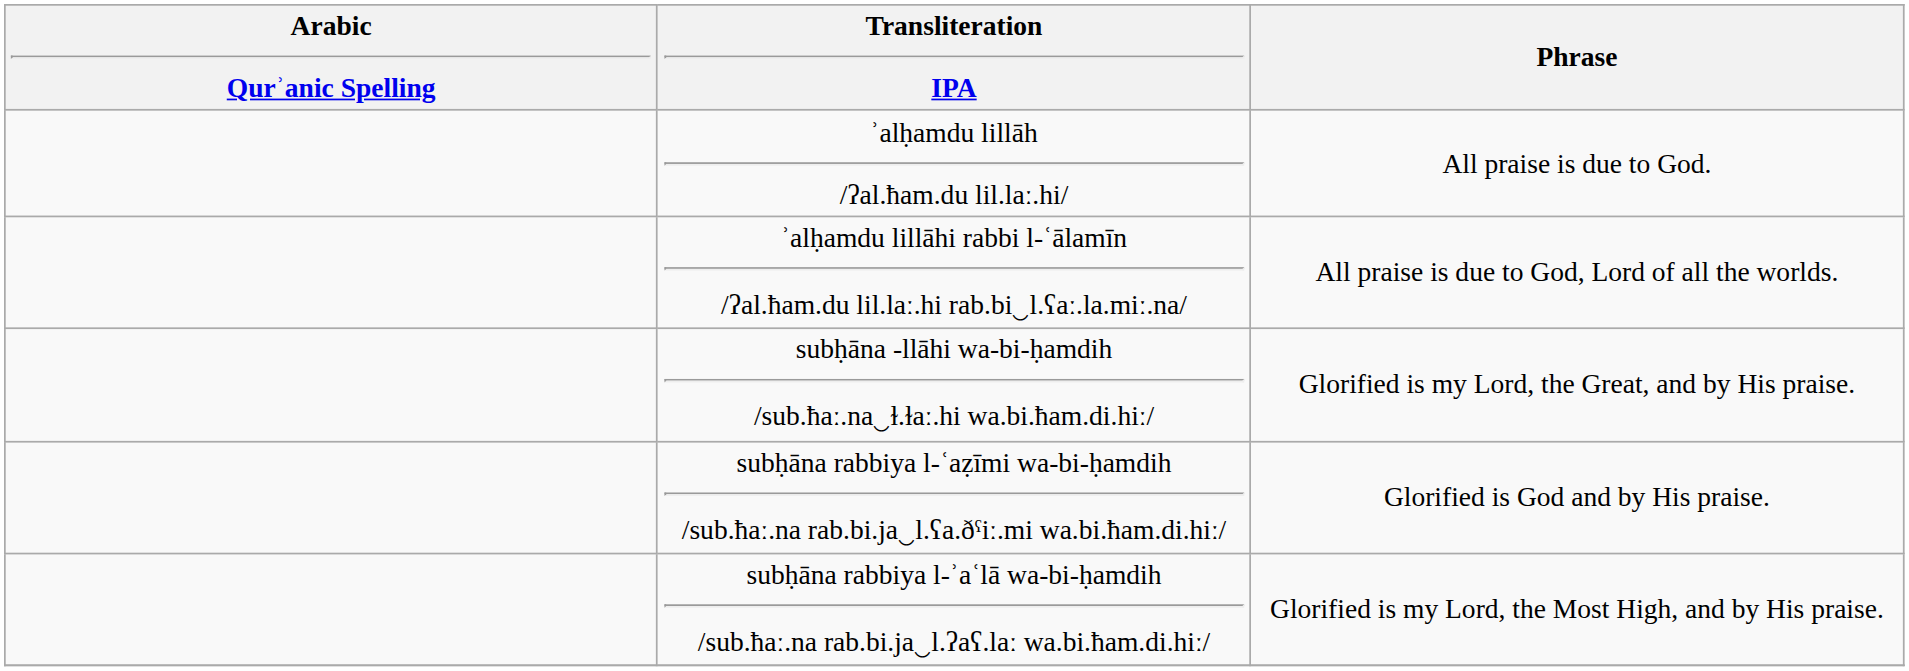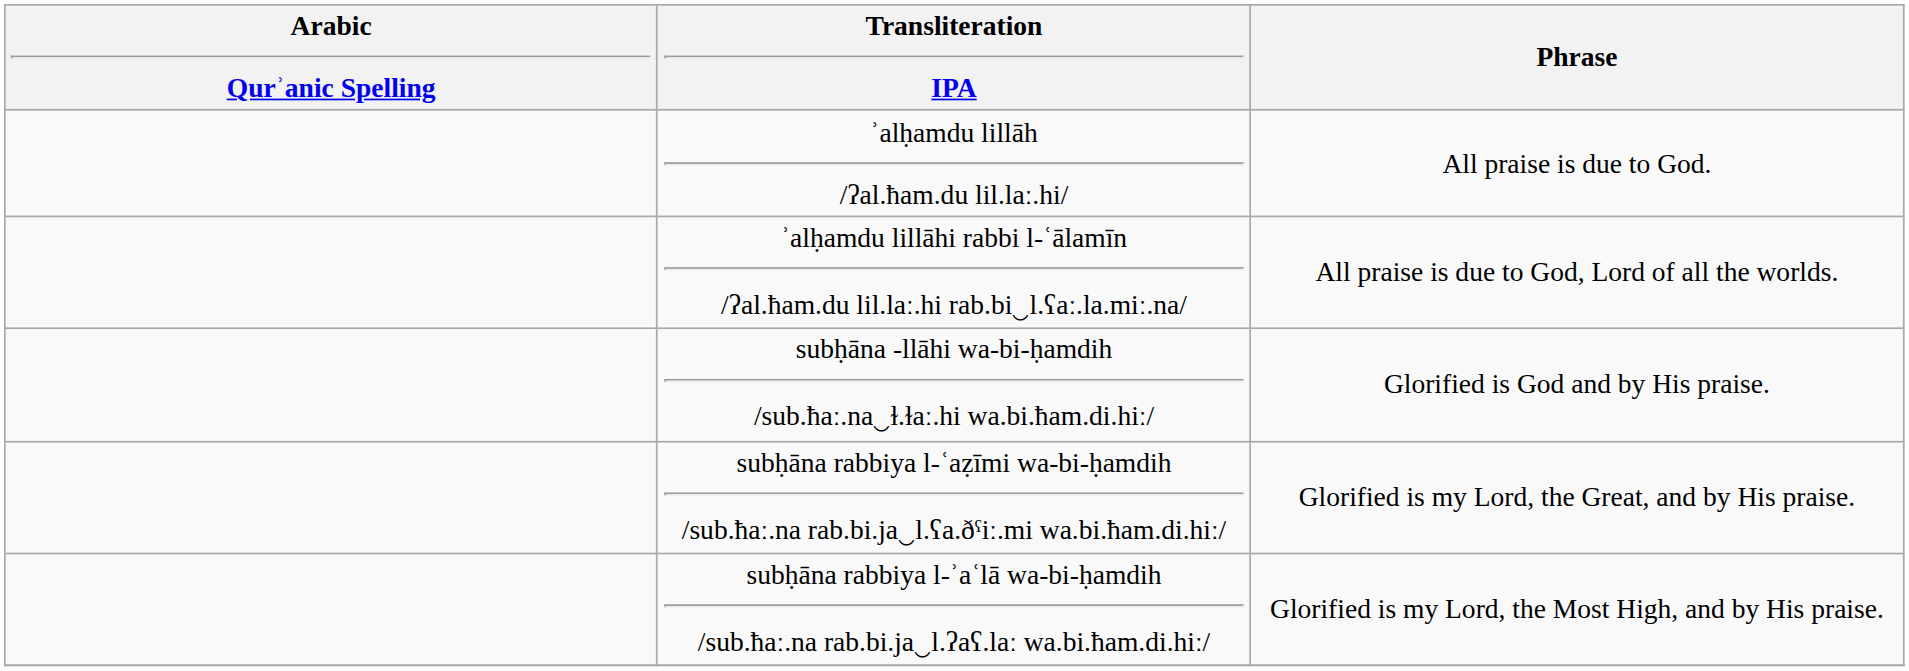 <table class="wikitable" style="text-align: center">
 <tr>
 <th style="width:33%;">Arabic <hr> <a href='#'>Qurʾanic Spelling</a></th>
 <th style="width:30%;">Transliteration <hr> <a href='#'>IPA</a></th>
 <th style="width:33%;">Phrase</th>
 </tr>
 <tr>
 <td></td>
 <td>ʾalḥamdu lillāh <hr> /ʔal.ħam.du lil.laː.hi/</td>
 <td>All praise is due to God.</td>
 </tr>
 <tr>
 <td></td>
 <td>ʾalḥamdu lillāhi rabbi l-ʿālamīn <hr> /ʔal.ħam.du lil.laː.hi rab.bi‿l.ʕaː.la.miː.na/</td>
 <td>All praise is due to God, Lord of all the worlds.</td>
 </tr>
 <tr>
 <td></td>
 <td>subḥāna -llāhi wa-bi-ḥamdih <hr> /sub.ħaː.na‿ɫ.ɫaː.hi wa.bi.ħam.di.hiː/</td>
-<td>Glorified is my Lord, the Great, and by His praise.</td>
+<td>Glorified is God and by His praise.</td>
 </tr>
 <tr>
 <td></td>
 <td>subḥāna rabbiya l-ʿaẓīmi wa-bi-ḥamdih <hr> /sub.ħaː.na rab.bi.ja‿l.ʕa.ðˤiː.mi wa.bi.ħam.di.hiː/</td>
-<td>Glorified is God and by His praise.</td>
+<td>Glorified is my Lord, the Great, and by His praise.</td>
 </tr>
 <tr>
 <td></td>
 <td>subḥāna rabbiya l-ʾaʿlā wa-bi-ḥamdih <hr> /sub.ħaː.na rab.bi.ja‿l.ʔaʕ.laː wa.bi.ħam.di.hiː/</td>
 <td>Glorified is my Lord, the Most High, and by His praise.</td>
 </tr>
 <tr>
 </tr>
 </table>
